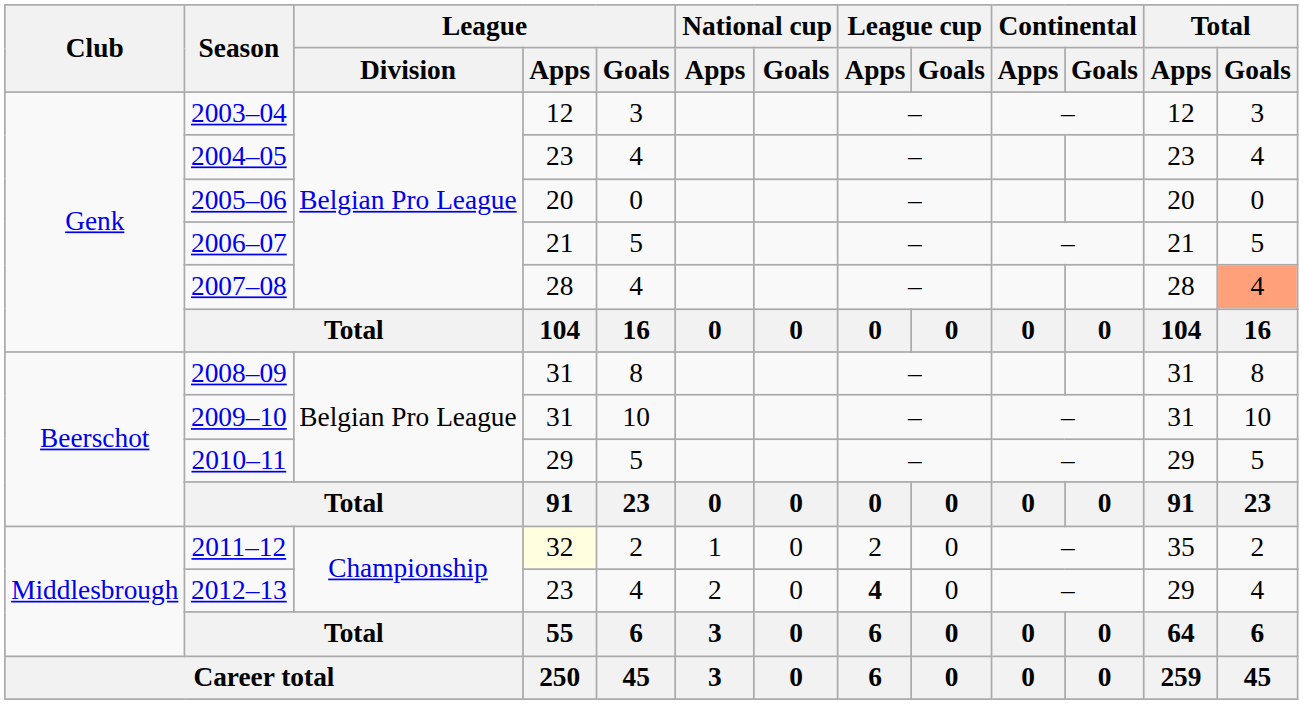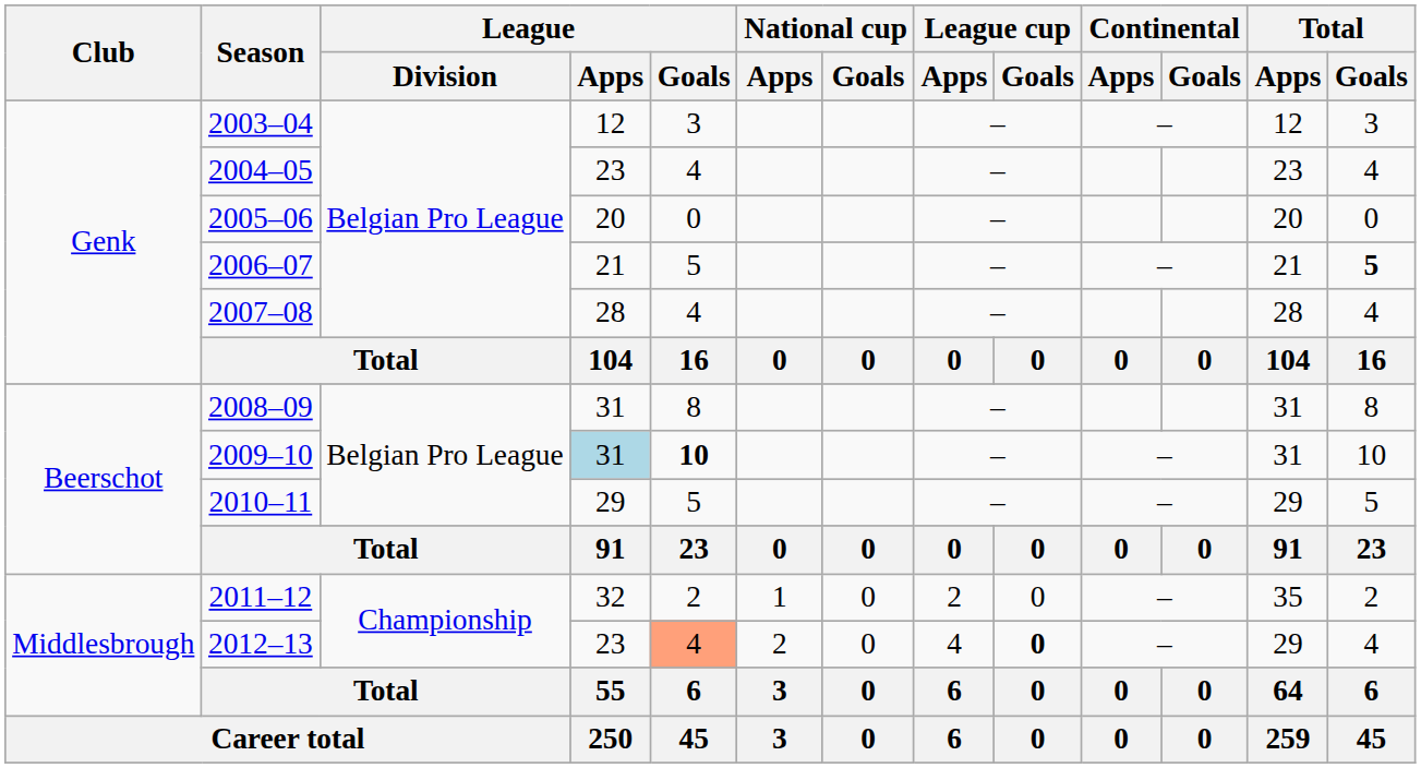 <table class="wikitable" style="text-align:center">
 <tr>
 <th rowspan="2">Club</th>
 <th rowspan="2">Season</th>
 <th colspan="3">League</th>
 <th colspan="2">National cup</th>
 <th colspan="2">League cup</th>
 <th colspan="2">Continental</th>
 <th colspan="2">Total</th>
 </tr>
 <tr>
 <th>Division</th>
 <th>Apps</th>
 <th>Goals</th>
 <th>Apps</th>
 <th>Goals</th>
 <th>Apps</th>
 <th>Goals</th>
 <th>Apps</th>
 <th>Goals</th>
 <th>Apps</th>
 <th>Goals</th>
 </tr>
 <tr>
 <td rowspan="6"><a href='#'>Genk</a></td>
 <td><a href='#'>2003–04</a></td>
 <td rowspan="5"><a href='#'>Belgian Pro League</a></td>
 <td>12</td>
 <td>3</td>
 <td></td>
 <td></td>
 <td colspan="2">–</td>
 <td colspan="2">–</td>
 <td>12</td>
 <td>3</td>
 </tr>
 <tr>
 <td><a href='#'>2004–05</a></td>
 <td>23</td>
 <td>4</td>
 <td></td>
 <td></td>
 <td colspan="2">–</td>
 <td></td>
 <td></td>
 <td>23</td>
 <td>4</td>
 </tr>
 <tr>
 <td><a href='#'>2005–06</a></td>
 <td>20</td>
 <td>0</td>
 <td></td>
 <td></td>
 <td colspan="2">–</td>
 <td></td>
 <td></td>
 <td>20</td>
 <td>0</td>
 </tr>
 <tr>
 <td><a href='#'>2006–07</a></td>
 <td>21</td>
 <td>5</td>
 <td></td>
 <td></td>
 <td colspan="2">–</td>
 <td colspan="2">–</td>
 <td>21</td>
-<td>5</td>
+<td><strong>5</strong></td>
 </tr>
 <tr>
 <td><a href='#'>2007–08</a></td>
 <td>28</td>
 <td>4</td>
 <td></td>
 <td></td>
 <td colspan="2">–</td>
 <td></td>
 <td></td>
 <td>28</td>
-<td style="background: lightsalmon;">4</td>
+<td>4</td>
 </tr>
 <tr>
 <th colspan="2">Total</th>
 <th>104</th>
 <th>16</th>
 <th>0</th>
 <th>0</th>
 <th>0</th>
 <th>0</th>
 <th>0</th>
 <th>0</th>
 <th>104</th>
 <th>16</th>
 </tr>
 <tr>
 <td rowspan="4"><a href='#'>Beerschot</a></td>
 <td><a href='#'>2008–09</a></td>
 <td rowspan="3">Belgian Pro League</td>
 <td>31</td>
 <td>8</td>
 <td></td>
 <td></td>
 <td colspan="2">–</td>
 <td></td>
 <td></td>
 <td>31</td>
 <td>8</td>
 </tr>
 <tr>
 <td><a href='#'>2009–10</a></td>
-<td>31</td>
-<td>10</td>
+<td style="background: lightblue;">31</td>
+<td><strong>10</strong></td>
 <td></td>
 <td></td>
 <td colspan="2">–</td>
 <td colspan="2">–</td>
 <td>31</td>
 <td>10</td>
 </tr>
 <tr>
 <td><a href='#'>2010–11</a></td>
 <td>29</td>
 <td>5</td>
 <td></td>
 <td></td>
 <td colspan="2">–</td>
 <td colspan="2">–</td>
 <td>29</td>
 <td>5</td>
 </tr>
 <tr>
 <th colspan="2">Total</th>
 <th>91</th>
 <th>23</th>
 <th>0</th>
 <th>0</th>
 <th>0</th>
 <th>0</th>
 <th>0</th>
 <th>0</th>
 <th>91</th>
 <th>23</th>
 </tr>
 <tr>
 <td rowspan="3"><a href='#'>Middlesbrough</a></td>
 <td><a href='#'>2011–12</a></td>
 <td rowspan="2"><a href='#'>Championship</a></td>
-<td style="background: lightyellow;">32</td>
+<td>32</td>
 <td>2</td>
 <td>1</td>
 <td>0</td>
 <td>2</td>
 <td>0</td>
 <td colspan="2">–</td>
 <td>35</td>
 <td>2</td>
 </tr>
 <tr>
 <td><a href='#'>2012–13</a></td>
 <td>23</td>
-<td>4</td>
+<td style="background: lightsalmon;">4</td>
 <td>2</td>
 <td>0</td>
-<td><strong>4</strong></td>
-<td>0</td>
+<td>4</td>
+<td><strong>0</strong></td>
 <td colspan="2">–</td>
 <td>29</td>
 <td>4</td>
 </tr>
 <tr>
 <th colspan="2">Total</th>
 <th>55</th>
 <th>6</th>
 <th>3</th>
 <th>0</th>
 <th>6</th>
 <th>0</th>
 <th>0</th>
 <th>0</th>
 <th>64</th>
 <th>6</th>
 </tr>
 <tr>
 <th colspan="3">Career total</th>
 <th>250</th>
 <th>45</th>
 <th>3</th>
 <th>0</th>
 <th>6</th>
 <th>0</th>
 <th>0</th>
 <th>0</th>
 <th>259</th>
 <th>45</th>
 </tr>
 </table>
